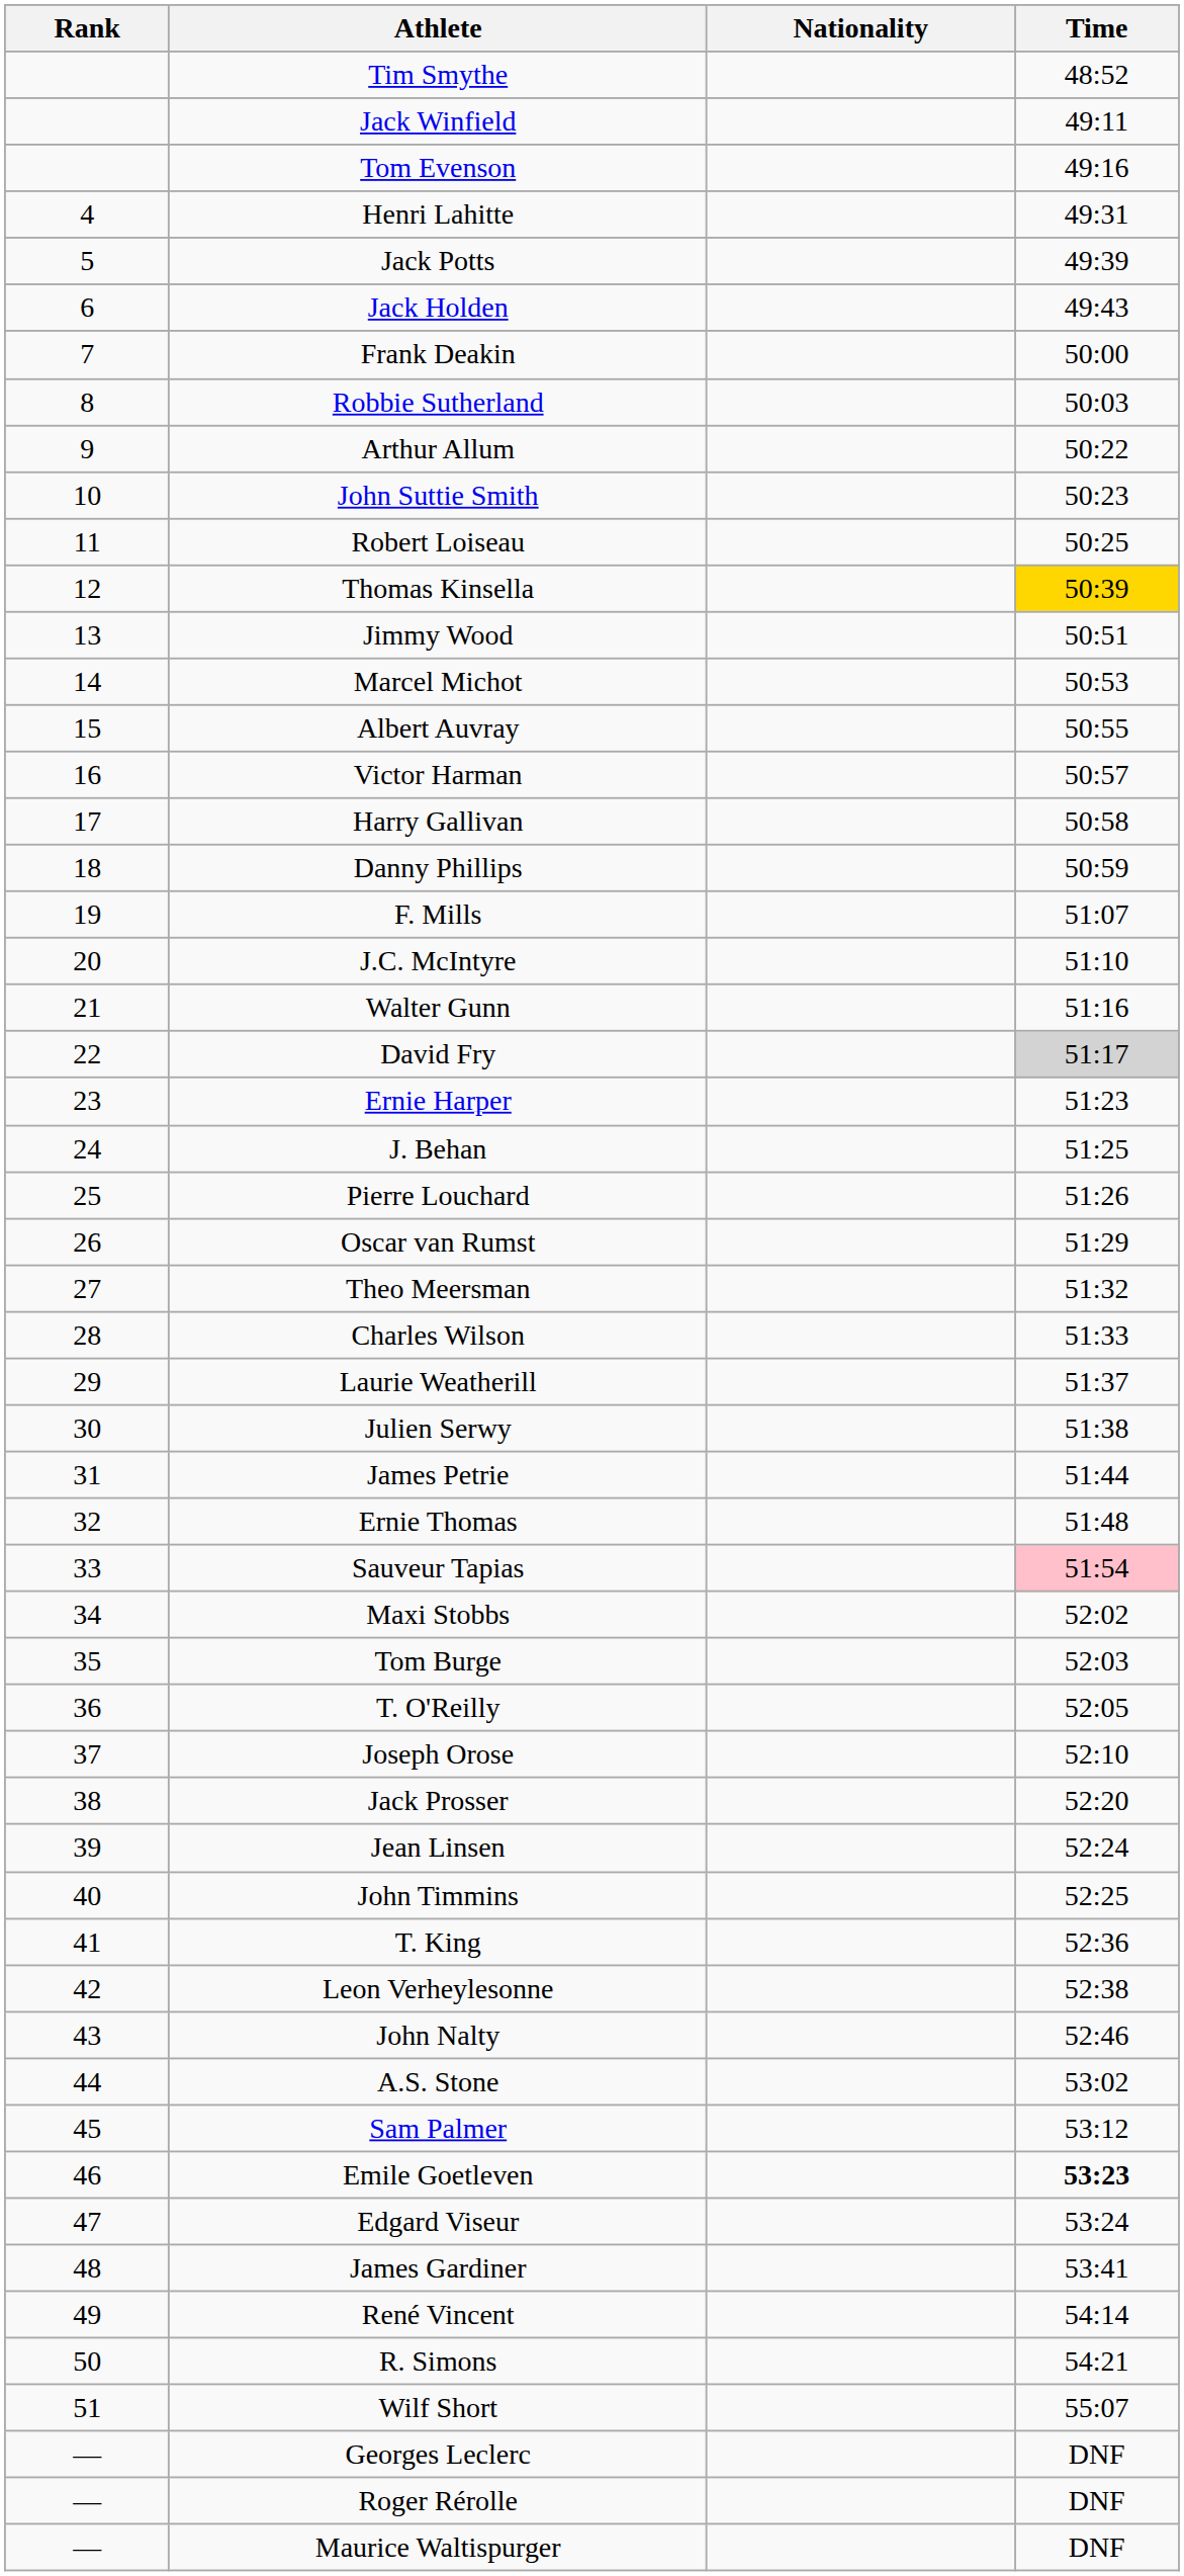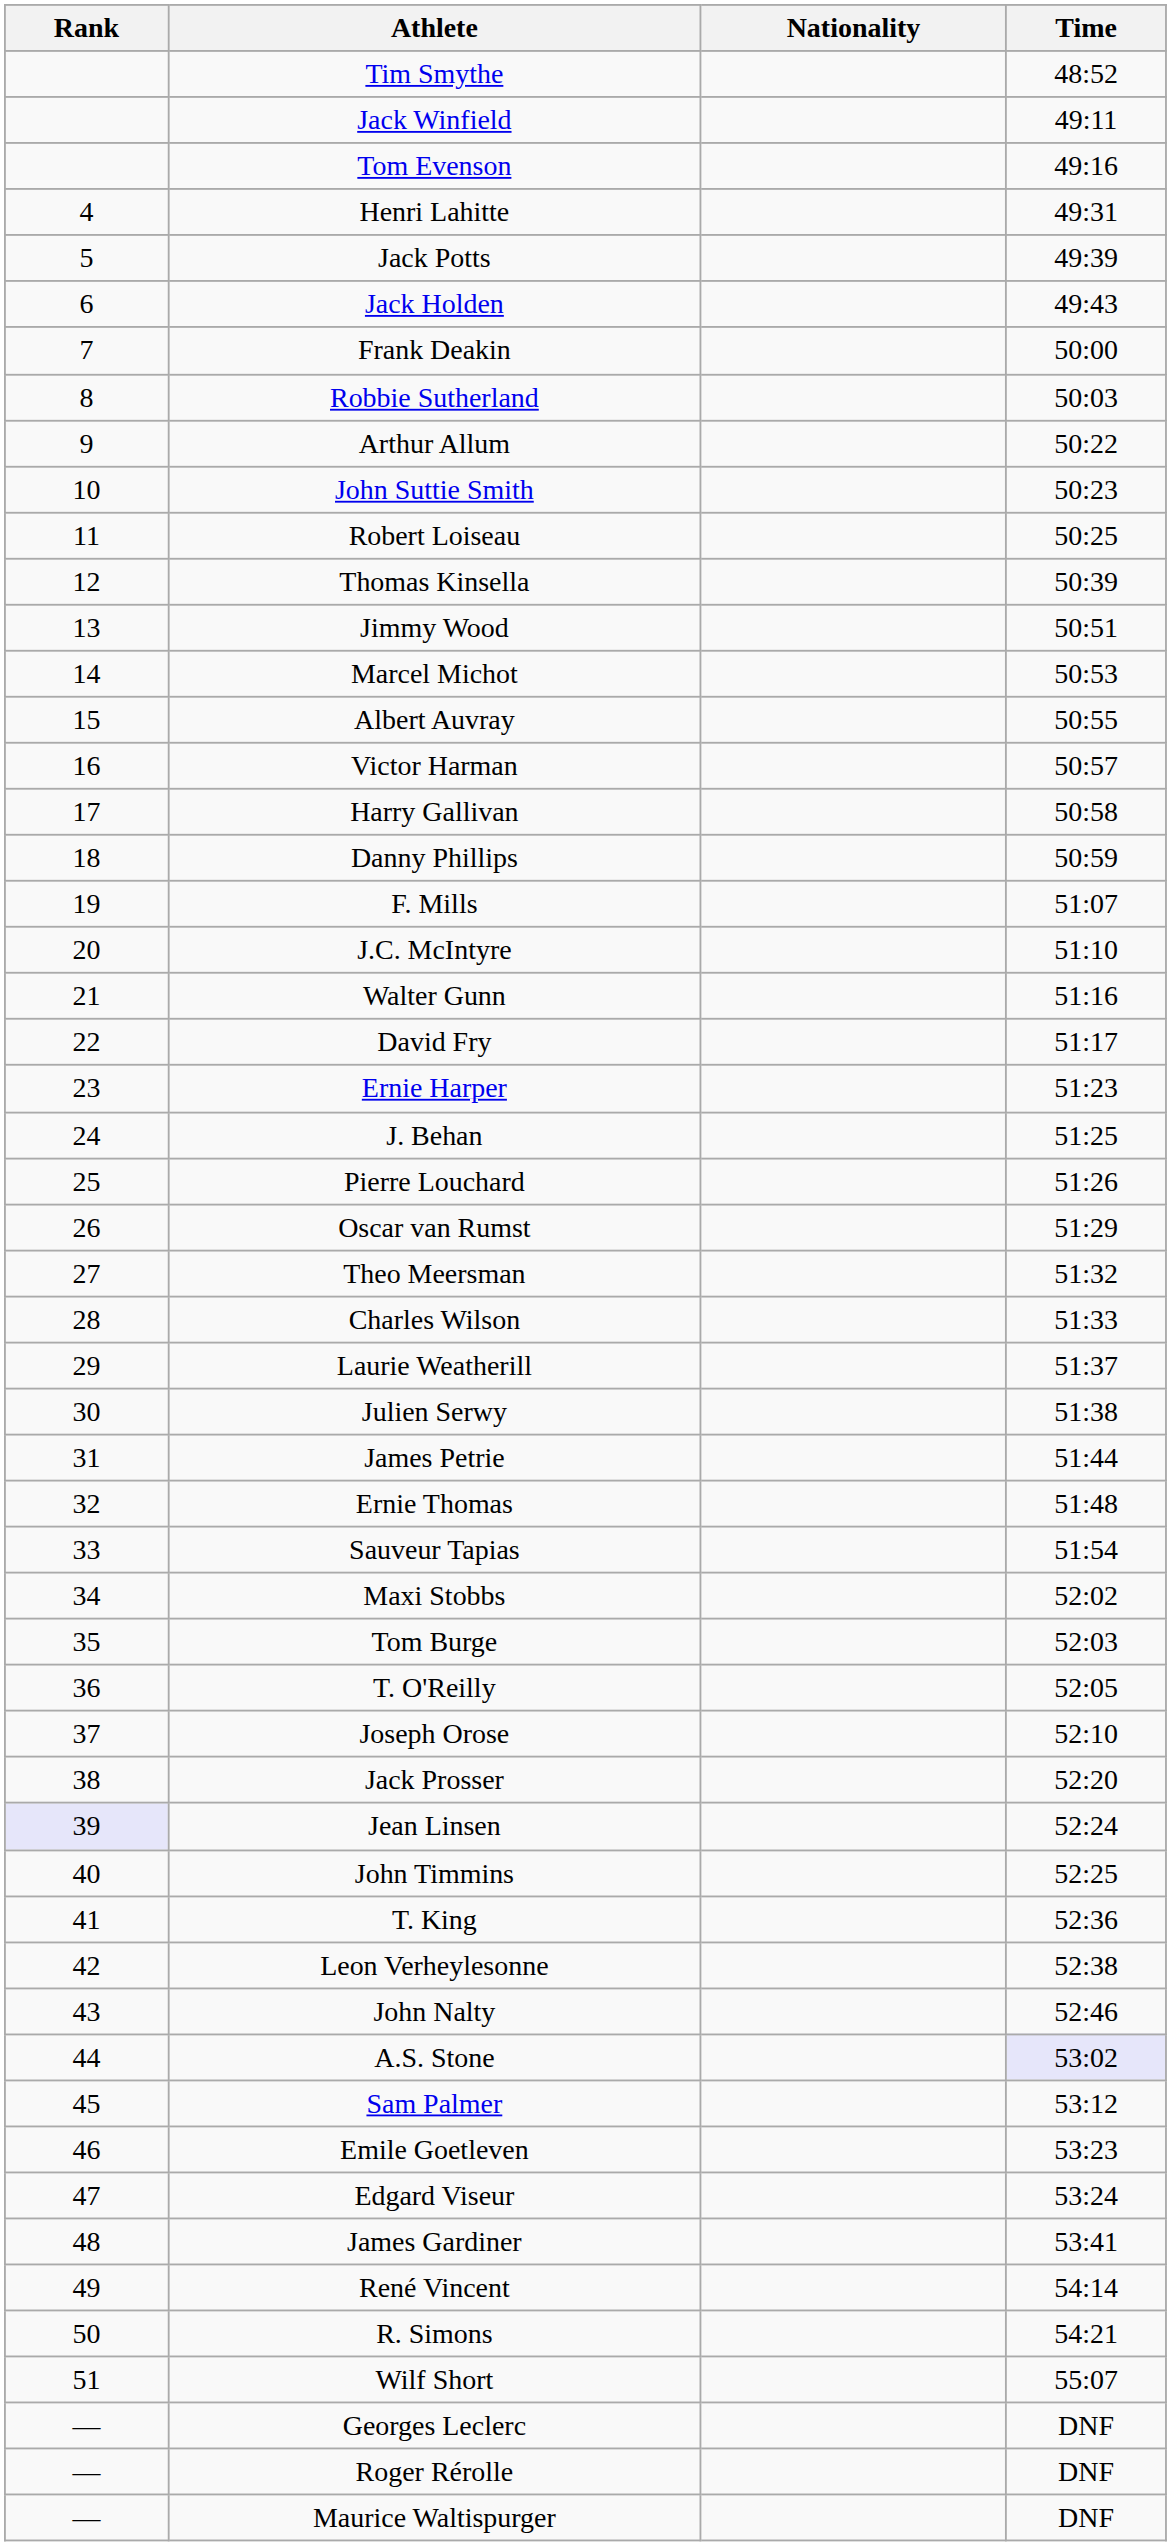 <table class="wikitable sortable" style=" text-align:center; font-size:95%;" width="50%">
 <tr>
 <th>Rank</th>
 <th>Athlete</th>
 <th>Nationality</th>
 <th>Time</th>
 </tr>
 <tr>
 <td align=center></td>
 <td><a href='#'>Tim Smythe</a></td>
 <td></td>
 <td>48:52</td>
 </tr>
 <tr>
 <td align=center></td>
 <td><a href='#'>Jack Winfield</a></td>
 <td></td>
 <td>49:11</td>
 </tr>
 <tr>
 <td align=center></td>
 <td><a href='#'>Tom Evenson</a></td>
 <td></td>
 <td>49:16</td>
 </tr>
 <tr>
 <td align=center>4</td>
 <td>Henri Lahitte</td>
 <td></td>
 <td>49:31</td>
 </tr>
 <tr>
 <td align=center>5</td>
 <td>Jack Potts</td>
 <td></td>
 <td>49:39</td>
 </tr>
 <tr>
 <td align=center>6</td>
 <td><a href='#'>Jack Holden</a></td>
 <td></td>
 <td>49:43</td>
 </tr>
 <tr>
 <td align=center>7</td>
 <td>Frank Deakin</td>
 <td></td>
 <td>50:00</td>
 </tr>
 <tr>
 <td align=center>8</td>
 <td><a href='#'>Robbie Sutherland</a></td>
 <td></td>
 <td>50:03</td>
 </tr>
 <tr>
 <td align=center>9</td>
 <td>Arthur Allum</td>
 <td></td>
 <td>50:22</td>
 </tr>
 <tr>
 <td align=center>10</td>
 <td><a href='#'>John Suttie Smith</a></td>
 <td></td>
 <td>50:23</td>
 </tr>
 <tr>
 <td align=center>11</td>
 <td>Robert Loiseau</td>
 <td></td>
 <td>50:25</td>
 </tr>
 <tr>
 <td align=center>12</td>
 <td>Thomas Kinsella</td>
 <td></td>
-<td style="background: gold;">50:39</td>
+<td>50:39</td>
 </tr>
 <tr>
 <td align=center>13</td>
 <td>Jimmy Wood</td>
 <td></td>
 <td>50:51</td>
 </tr>
 <tr>
 <td align=center>14</td>
 <td>Marcel Michot</td>
 <td></td>
 <td>50:53</td>
 </tr>
 <tr>
 <td align=center>15</td>
 <td>Albert Auvray</td>
 <td></td>
 <td>50:55</td>
 </tr>
 <tr>
 <td align=center>16</td>
 <td>Victor Harman</td>
 <td></td>
 <td>50:57</td>
 </tr>
 <tr>
 <td align=center>17</td>
 <td>Harry Gallivan</td>
 <td></td>
 <td>50:58</td>
 </tr>
 <tr>
 <td align=center>18</td>
 <td>Danny Phillips</td>
 <td></td>
 <td>50:59</td>
 </tr>
 <tr>
 <td align=center>19</td>
 <td>F. Mills</td>
 <td></td>
 <td>51:07</td>
 </tr>
 <tr>
 <td align=center>20</td>
 <td>J.C. McIntyre</td>
 <td></td>
 <td>51:10</td>
 </tr>
 <tr>
 <td align=center>21</td>
 <td>Walter Gunn</td>
 <td></td>
 <td>51:16</td>
 </tr>
 <tr>
 <td align=center>22</td>
 <td>David Fry</td>
 <td></td>
-<td style="background: lightgrey;">51:17</td>
+<td>51:17</td>
 </tr>
 <tr>
 <td align=center>23</td>
 <td><a href='#'>Ernie Harper</a></td>
 <td></td>
 <td>51:23</td>
 </tr>
 <tr>
 <td align=center>24</td>
 <td>J. Behan</td>
 <td></td>
 <td>51:25</td>
 </tr>
 <tr>
 <td align=center>25</td>
 <td>Pierre Louchard</td>
 <td></td>
 <td>51:26</td>
 </tr>
 <tr>
 <td align=center>26</td>
 <td>Oscar van Rumst</td>
 <td></td>
 <td>51:29</td>
 </tr>
 <tr>
 <td align=center>27</td>
 <td>Theo Meersman</td>
 <td></td>
 <td>51:32</td>
 </tr>
 <tr>
 <td align=center>28</td>
 <td>Charles Wilson</td>
 <td></td>
 <td>51:33</td>
 </tr>
 <tr>
 <td align=center>29</td>
 <td>Laurie Weatherill</td>
 <td></td>
 <td>51:37</td>
 </tr>
 <tr>
 <td align=center>30</td>
 <td>Julien Serwy</td>
 <td></td>
 <td>51:38</td>
 </tr>
 <tr>
 <td align=center>31</td>
 <td>James Petrie</td>
 <td></td>
 <td>51:44</td>
 </tr>
 <tr>
 <td align=center>32</td>
 <td>Ernie Thomas</td>
 <td></td>
 <td>51:48</td>
 </tr>
 <tr>
 <td align=center>33</td>
 <td>Sauveur Tapias</td>
 <td></td>
-<td style="background: pink;">51:54</td>
+<td>51:54</td>
 </tr>
 <tr>
 <td align=center>34</td>
 <td>Maxi Stobbs</td>
 <td></td>
 <td>52:02</td>
 </tr>
 <tr>
 <td align=center>35</td>
 <td>Tom Burge</td>
 <td></td>
 <td>52:03</td>
 </tr>
 <tr>
 <td align=center>36</td>
 <td>T. O'Reilly</td>
 <td></td>
 <td>52:05</td>
 </tr>
 <tr>
 <td align=center>37</td>
 <td>Joseph Orose</td>
 <td></td>
 <td>52:10</td>
 </tr>
 <tr>
 <td align=center>38</td>
 <td>Jack Prosser</td>
 <td></td>
 <td>52:20</td>
 </tr>
 <tr>
-<td align=center>39</td>
+<td align=center style="background: lavender;">39</td>
 <td>Jean Linsen</td>
 <td></td>
 <td>52:24</td>
 </tr>
 <tr>
 <td align=center>40</td>
 <td>John Timmins</td>
 <td></td>
 <td>52:25</td>
 </tr>
 <tr>
 <td align=center>41</td>
 <td>T. King</td>
 <td></td>
 <td>52:36</td>
 </tr>
 <tr>
 <td align=center>42</td>
 <td>Leon Verheylesonne</td>
 <td></td>
 <td>52:38</td>
 </tr>
 <tr>
 <td align=center>43</td>
 <td>John Nalty</td>
 <td></td>
 <td>52:46</td>
 </tr>
 <tr>
 <td align=center>44</td>
 <td>A.S. Stone</td>
 <td></td>
-<td>53:02</td>
+<td style="background: lavender;">53:02</td>
 </tr>
 <tr>
 <td align=center>45</td>
 <td><a href='#'>Sam Palmer</a></td>
 <td></td>
 <td>53:12</td>
 </tr>
 <tr>
 <td align=center>46</td>
 <td>Emile Goetleven</td>
 <td></td>
-<td><strong>53:23</strong></td>
+<td>53:23</td>
 </tr>
 <tr>
 <td align=center>47</td>
 <td>Edgard Viseur</td>
 <td></td>
 <td>53:24</td>
 </tr>
 <tr>
 <td align=center>48</td>
 <td>James Gardiner</td>
 <td></td>
 <td>53:41</td>
 </tr>
 <tr>
 <td align=center>49</td>
 <td>René Vincent</td>
 <td></td>
 <td>54:14</td>
 </tr>
 <tr>
 <td align=center>50</td>
 <td>R. Simons</td>
 <td></td>
 <td>54:21</td>
 </tr>
 <tr>
 <td align=center>51</td>
 <td>Wilf Short</td>
 <td></td>
 <td>55:07</td>
 </tr>
 <tr>
 <td align=center>—</td>
 <td>Georges Leclerc</td>
 <td></td>
 <td>DNF</td>
 </tr>
 <tr>
 <td align=center>—</td>
 <td>Roger Rérolle</td>
 <td></td>
 <td>DNF</td>
 </tr>
 <tr>
 <td align=center>—</td>
 <td>Maurice Waltispurger</td>
 <td></td>
 <td>DNF</td>
 </tr>
 </table>
